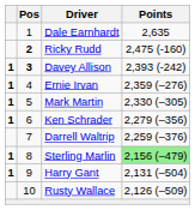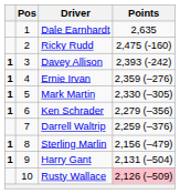 <table class="wikitable" style="font-size: 95%;">
 <tr>
 <th></th>
 <th>Pos</th>
 <th>Driver</th>
 <th>Points</th>
 </tr>
 <tr>
 <td align="left"></td>
 <td style="text-align:center;">1</td>
 <td><a href='#'>Dale Earnhardt</a></td>
 <td style="text-align:center;">2,635</td>
 </tr>
 <tr>
 <td align="left"></td>
-<td style="text-align:center;"><strong>2</strong></td>
+<td style="text-align:center;">2</td>
 <td><a href='#'>Ricky Rudd</a></td>
 <td style="text-align:center;">2,475 (-160)</td>
 </tr>
 <tr>
 <td align="left">  <strong>1</strong></td>
-<td style="text-align:center;"><strong>3</strong></td>
+<td style="text-align:center;">3</td>
 <td><a href='#'>Davey Allison</a></td>
 <td style="text-align:center;">2,393 (-242)</td>
 </tr>
 <tr>
 <td align="left">  <strong>1</strong></td>
 <td style="text-align:center;">4</td>
 <td><a href='#'>Ernie Irvan</a></td>
 <td style="text-align:center;">2,359 (–276)</td>
 </tr>
 <tr>
 <td align="left">  <strong>1</strong></td>
 <td style="text-align:center;">5</td>
 <td><a href='#'>Mark Martin</a></td>
 <td style="text-align:center;">2,330 (–305)</td>
 </tr>
 <tr>
 <td align="left">  <strong>1</strong></td>
 <td style="text-align:center;">6</td>
 <td><a href='#'>Ken Schrader</a></td>
 <td style="text-align:center;">2,279 (–356)</td>
 </tr>
 <tr>
 <td align="left"></td>
 <td style="text-align:center;">7</td>
 <td><a href='#'>Darrell Waltrip</a></td>
 <td style="text-align:center;">2,259 (–376)</td>
 </tr>
 <tr>
 <td align="left">  <strong>1</strong></td>
 <td style="text-align:center;">8</td>
 <td><a href='#'>Sterling Marlin</a></td>
-<td style="background: lightgreen; text-align:center;">2,156 (–479)</td>
+<td style="text-align:center;">2,156 (–479)</td>
 </tr>
 <tr>
 <td align="left">  <strong>1</strong></td>
 <td style="text-align:center;">9</td>
 <td><a href='#'>Harry Gant</a></td>
 <td style="text-align:center;">2,131 (–504)</td>
 </tr>
 <tr>
 <td align="left"></td>
 <td style="text-align:center;">10</td>
 <td><a href='#'>Rusty Wallace</a></td>
-<td style="text-align:center;">2,126 (–509)</td>
+<td style="background: pink; text-align:center;">2,126 (–509)</td>
 </tr>
 <tr class="sortbottom">
 <th colspan="9"></th>
 </tr>
 </table>
